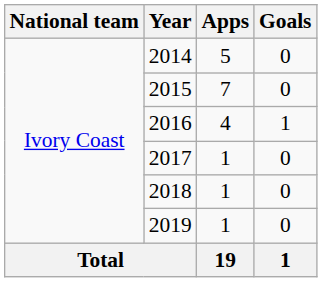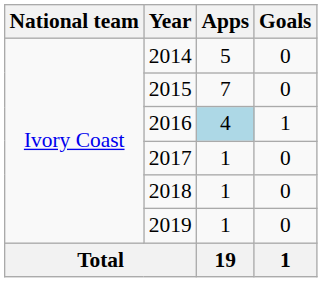 <table class="wikitable" style="text-align:center">
 <tr>
 <th>National team</th>
 <th>Year</th>
 <th>Apps</th>
 <th>Goals</th>
 </tr>
 <tr>
 <td rowspan="6"><a href='#'>Ivory Coast</a></td>
 <td>2014</td>
 <td>5</td>
 <td>0</td>
 </tr>
 <tr>
 <td>2015</td>
 <td>7</td>
 <td>0</td>
 </tr>
 <tr>
 <td>2016</td>
-<td>4</td>
+<td style="background: lightblue;">4</td>
 <td>1</td>
 </tr>
 <tr>
 <td>2017</td>
 <td>1</td>
 <td>0</td>
 </tr>
 <tr>
 <td>2018</td>
 <td>1</td>
 <td>0</td>
 </tr>
 <tr>
 <td>2019</td>
 <td>1</td>
 <td>0</td>
 </tr>
 <tr>
 <th colspan="2">Total</th>
 <th>19</th>
 <th>1</th>
 </tr>
 </table>
